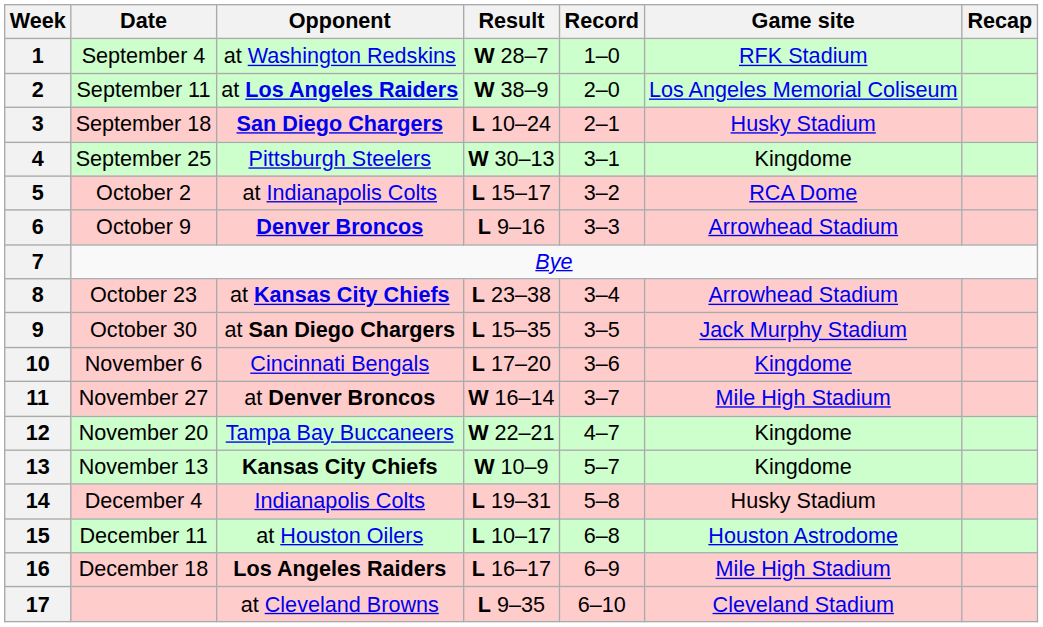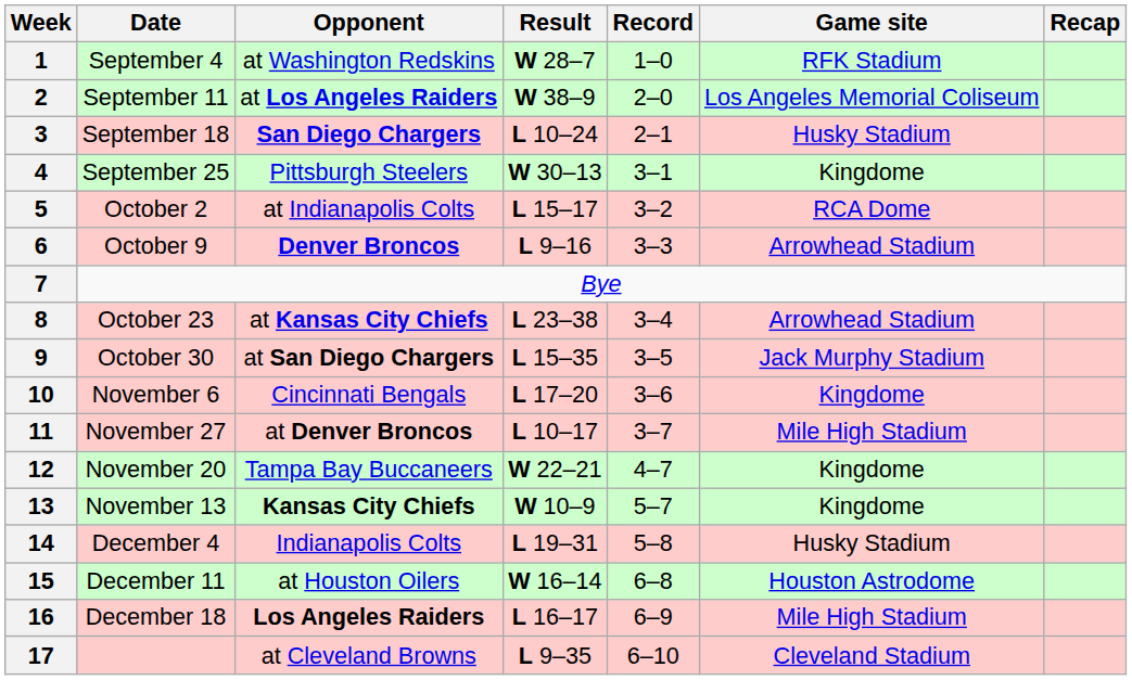 <table class="wikitable" style="text-align:center">
 <tr>
 <th>Week</th>
 <th>Date</th>
 <th>Opponent</th>
 <th>Result</th>
 <th>Record</th>
 <th>Game site</th>
 <th>Recap</th>
 </tr>
 <tr style="background:#cfc">
 <th>1</th>
 <td>September 4</td>
 <td>at <a href='#'>Washington Redskins</a></td>
 <td><strong>W</strong> 28–7</td>
 <td>1–0</td>
 <td><a href='#'>RFK Stadium</a></td>
 <td></td>
 </tr>
 <tr style="background:#cfc">
 <th>2</th>
 <td>September 11</td>
 <td>at <strong><a href='#'>Los Angeles Raiders</a></strong></td>
 <td><strong>W</strong> 38–9</td>
 <td>2–0</td>
 <td><a href='#'>Los Angeles Memorial Coliseum</a></td>
 <td></td>
 </tr>
 <tr style="background:#fcc">
 <th>3</th>
 <td>September 18</td>
 <td><strong><a href='#'>San Diego Chargers</a></strong></td>
 <td><strong>L</strong> 10–24</td>
 <td>2–1</td>
 <td><a href='#'>Husky Stadium</a></td>
 <td></td>
 </tr>
 <tr style="background:#cfc">
 <th>4</th>
 <td>September 25</td>
 <td><a href='#'>Pittsburgh Steelers</a></td>
 <td><strong>W</strong> 30–13</td>
 <td>3–1</td>
 <td>Kingdome</td>
 <td></td>
 </tr>
 <tr style="background:#fcc">
 <th>5</th>
 <td>October 2</td>
 <td>at <a href='#'>Indianapolis Colts</a></td>
 <td><strong>L</strong> 15–17</td>
 <td>3–2</td>
 <td><a href='#'>RCA Dome</a></td>
 <td></td>
 </tr>
 <tr style="background:#fcc">
 <th>6</th>
 <td>October 9</td>
 <td><strong><a href='#'>Denver Broncos</a></strong></td>
 <td><strong>L</strong> 9–16</td>
 <td>3–3</td>
 <td><a href='#'>Arrowhead Stadium</a></td>
 <td></td>
 </tr>
 <tr>
 <th>7</th>
 <td colspan="6"><em><a href='#'>Bye</a></em></td>
 </tr>
 <tr style="background:#fcc">
 <th>8</th>
 <td>October 23</td>
 <td>at <strong><a href='#'>Kansas City Chiefs</a></strong></td>
 <td><strong>L</strong> 23–38</td>
 <td>3–4</td>
 <td><a href='#'>Arrowhead Stadium</a></td>
 <td></td>
 </tr>
 <tr style="background:#fcc">
 <th>9</th>
 <td>October 30</td>
 <td>at <strong>San Diego Chargers</strong></td>
 <td><strong>L</strong> 15–35</td>
 <td>3–5</td>
 <td><a href='#'>Jack Murphy Stadium</a></td>
 <td></td>
 </tr>
 <tr style="background:#fcc">
 <th>10</th>
 <td>November 6</td>
 <td><a href='#'>Cincinnati Bengals</a></td>
 <td><strong>L</strong> 17–20 </td>
 <td>3–6</td>
 <td><a href='#'>Kingdome</a></td>
 <td></td>
 </tr>
 <tr style="background:#fcc">
 <th>11</th>
 <td>November 27</td>
 <td>at <strong>Denver Broncos</strong></td>
-<td><strong>W</strong> 16–14</td>
+<td><strong>L</strong> 10–17</td>
 <td>3–7</td>
 <td><a href='#'>Mile High Stadium</a></td>
 <td></td>
 </tr>
 <tr style="background:#cfc">
 <th>12</th>
 <td>November 20</td>
 <td><a href='#'>Tampa Bay Buccaneers</a></td>
 <td><strong>W</strong> 22–21</td>
 <td>4–7</td>
 <td>Kingdome</td>
 <td></td>
 </tr>
 <tr style="background:#cfc">
 <th>13</th>
 <td>November 13</td>
 <td><strong>Kansas City Chiefs</strong></td>
 <td><strong>W</strong> 10–9</td>
 <td>5–7</td>
 <td>Kingdome</td>
 <td></td>
 </tr>
 <tr style="background:#fcc">
 <th>14</th>
 <td>December 4</td>
 <td><a href='#'>Indianapolis Colts</a></td>
 <td><strong>L</strong> 19–31</td>
 <td>5–8</td>
 <td>Husky Stadium</td>
 <td></td>
 </tr>
 <tr style="background:#cfc">
 <th>15</th>
 <td>December 11</td>
 <td>at <a href='#'>Houston Oilers</a></td>
-<td><strong>L</strong> 10–17</td>
+<td><strong>W</strong> 16–14</td>
 <td>6–8</td>
 <td><a href='#'>Houston Astrodome</a></td>
 <td></td>
 </tr>
 <tr style="background:#fcc">
 <th>16</th>
 <td>December 18</td>
 <td><strong>Los Angeles Raiders</strong></td>
 <td><strong>L</strong> 16–17</td>
 <td>6–9</td>
 <td><a href='#'>Mile High Stadium</a></td>
 <td></td>
 </tr>
 <tr style="background:#fcc">
 <th>17</th>
 <td></td>
 <td>at <a href='#'>Cleveland Browns</a></td>
 <td><strong>L</strong> 9–35</td>
 <td>6–10</td>
 <td><a href='#'>Cleveland Stadium</a></td>
 <td></td>
 </tr>
 </table>
